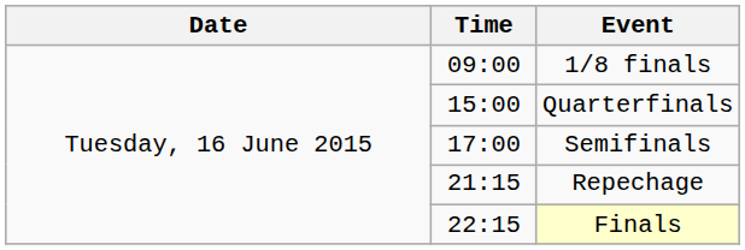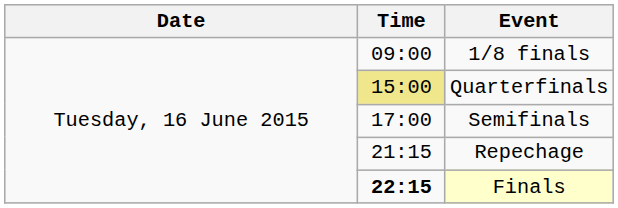 <table class = "wikitable" style="text-align:center;">
 <tr>
 <th width=220>Date</th>
 <th width=50>Time</th>
 <th width=100>Event</th>
 </tr>
 <tr>
 <td rowspan=5>Tuesday, 16 June 2015</td>
 <td>09:00</td>
 <td>1/8 finals</td>
 </tr>
 <tr>
-<td>15:00</td>
+<td style="background: khaki;">15:00</td>
 <td>Quarterfinals</td>
 </tr>
 <tr>
 <td>17:00</td>
 <td>Semifinals</td>
 </tr>
 <tr>
 <td>21:15</td>
 <td>Repechage</td>
 </tr>
 <tr>
-<td>22:15</td>
+<td><strong>22:15</strong></td>
 <td bgcolor=ffffcc>Finals</td>
 </tr>
 </table>
